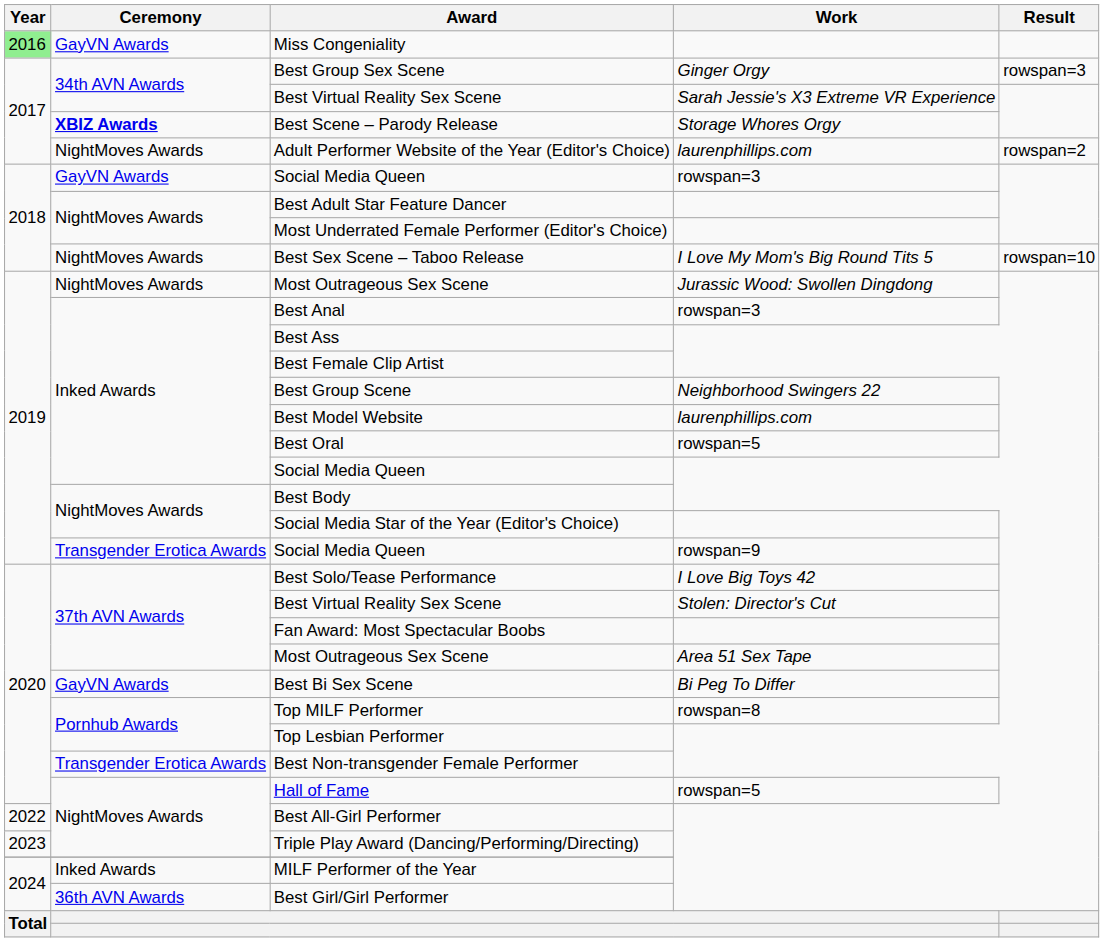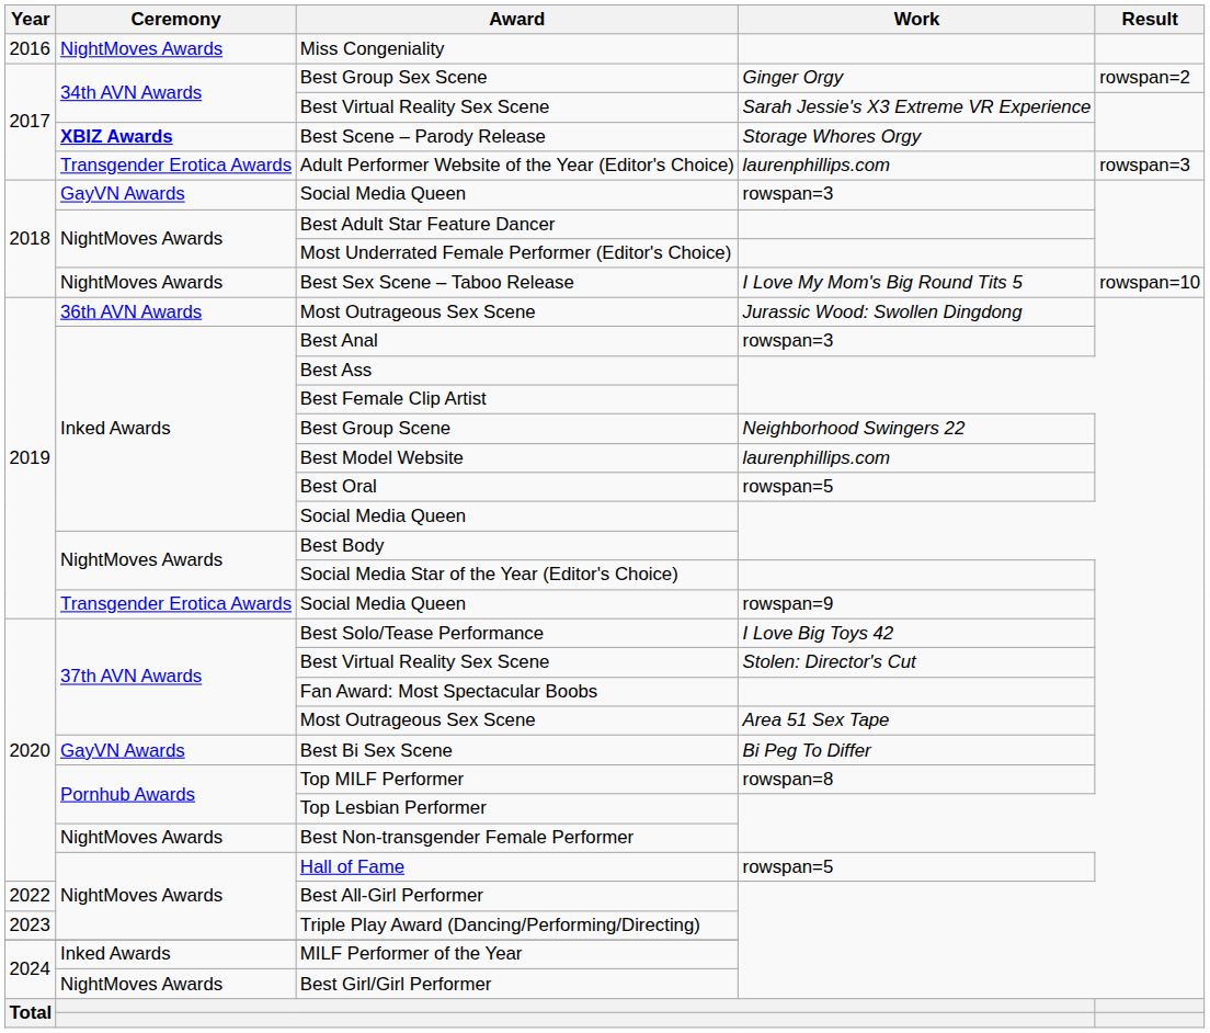 <table class="wikitable">
 <tr>
 <th>Year</th>
 <th>Ceremony</th>
 <th>Award</th>
 <th>Work</th>
 <th>Result</th>
 </tr>
 <tr>
-<td style="background: lightgreen;">2016</td>
-<td><a href='#'>GayVN Awards</a></td>
+<td>2016</td>
+<td><a href='#'>NightMoves Awards</a></td>
 <td>Miss Congeniality</td>
 <td></td>
 <td></td>
 </tr>
 <tr>
 <td rowspan="4">2017</td>
 <td rowspan="2"><a href='#'>34th AVN Awards</a></td>
 <td>Best Group Sex Scene</td>
 <td><em>Ginger Orgy</em></td>
-<td>rowspan=3 </td>
+<td>rowspan=2 </td>
 </tr>
 <tr>
 <td>Best Virtual Reality Sex Scene</td>
 <td><em>Sarah Jessie's X3 Extreme VR Experience</em></td>
 </tr>
 <tr>
 <td><strong><a href='#'>XBIZ Awards</a></strong></td>
 <td>Best Scene – Parody Release</td>
 <td><em>Storage Whores Orgy</em></td>
 </tr>
 <tr>
-<td>NightMoves Awards</td>
+<td><a href='#'>Transgender Erotica Awards</a></td>
 <td>Adult Performer Website of the Year (Editor's Choice)</td>
 <td><em>laurenphillips.com</em></td>
-<td>rowspan=2 </td>
+<td>rowspan=3 </td>
 </tr>
 <tr>
 <td rowspan="4">2018</td>
 <td><a href='#'>GayVN Awards</a></td>
 <td>Social Media Queen</td>
 <td>rowspan=3 </td>
 </tr>
 <tr>
 <td rowspan="2">NightMoves Awards</td>
 <td>Best Adult Star Feature Dancer</td>
 <td></td>
 </tr>
 <tr>
 <td>Most Underrated Female Performer (Editor's Choice)</td>
 <td></td>
 </tr>
 <tr>
 <td>NightMoves Awards</td>
 <td>Best Sex Scene – Taboo Release</td>
 <td><em>I Love My Mom's Big Round Tits 5</em></td>
 <td>rowspan=10 </td>
 </tr>
 <tr>
 <td rowspan="11">2019</td>
-<td>NightMoves Awards</td>
+<td><a href='#'>36th AVN Awards</a></td>
 <td>Most Outrageous Sex Scene</td>
 <td><em>Jurassic Wood: Swollen Dingdong</em></td>
 </tr>
 <tr>
 <td rowspan="7">Inked Awards</td>
 <td>Best Anal</td>
 <td>rowspan=3 </td>
 </tr>
 <tr>
 <td>Best Ass</td>
 </tr>
 <tr>
 <td>Best Female Clip Artist</td>
 </tr>
 <tr>
 <td>Best Group Scene</td>
 <td><em>Neighborhood Swingers 22</em></td>
 </tr>
 <tr>
 <td>Best Model Website</td>
 <td><em>laurenphillips.com</em></td>
 </tr>
 <tr>
 <td>Best Oral</td>
 <td>rowspan=5 </td>
 </tr>
 <tr>
 <td>Social Media Queen</td>
 </tr>
 <tr>
 <td rowspan="2">NightMoves Awards</td>
 <td>Best Body</td>
 </tr>
 <tr>
 <td>Social Media Star of the Year (Editor's Choice)</td>
 <td></td>
 </tr>
 <tr>
 <td><a href='#'>Transgender Erotica Awards</a></td>
 <td>Social Media Queen</td>
 <td>rowspan=9 </td>
 </tr>
 <tr>
 <td rowspan="9">2020</td>
 <td rowspan="4"><a href='#'>37th AVN Awards</a></td>
 <td>Best Solo/Tease Performance</td>
 <td><em>I Love Big Toys 42</em></td>
 </tr>
 <tr>
 <td>Best Virtual Reality Sex Scene</td>
 <td><em>Stolen: Director's Cut</em></td>
 </tr>
 <tr>
 <td>Fan Award: Most Spectacular Boobs</td>
 <td></td>
 </tr>
 <tr>
 <td>Most Outrageous Sex Scene</td>
 <td><em>Area 51 Sex Tape</em></td>
 </tr>
 <tr>
 <td><a href='#'>GayVN Awards</a></td>
 <td>Best Bi Sex Scene</td>
 <td><em>Bi Peg To Differ</em></td>
 </tr>
 <tr>
 <td rowspan="2"><a href='#'>Pornhub Awards</a></td>
 <td>Top MILF Performer</td>
 <td>rowspan=8 </td>
 </tr>
 <tr>
 <td>Top Lesbian Performer</td>
 </tr>
 <tr>
-<td><a href='#'>Transgender Erotica Awards</a></td>
+<td>NightMoves Awards</td>
 <td>Best Non-transgender Female Performer</td>
 </tr>
 <tr>
 <td rowspan=3>NightMoves Awards</td>
 <td><a href='#'>Hall of Fame</a></td>
 <td>rowspan=5 </td>
 </tr>
 <tr>
 <td>2022</td>
 <td>Best All-Girl Performer</td>
 </tr>
 <tr>
 <td>2023</td>
 <td>Triple Play Award (Dancing/Performing/Directing)</td>
 </tr>
 <tr>
 </tr>
 <tr>
 <td rowspan=2>2024</td>
 <td>Inked Awards</td>
 <td>MILF Performer of the Year</td>
 </tr>
 <tr>
-<td><a href='#'>36th AVN Awards</a></td>
+<td>NightMoves Awards</td>
 <td>Best Girl/Girl Performer</td>
 </tr>
 <tr>
 <th rowspan="2">Total</th>
 <th colspan="3"></th>
 <th></th>
 </tr>
 <tr>
 <th colspan="3"></th>
 <th></th>
 </tr>
 </table>
